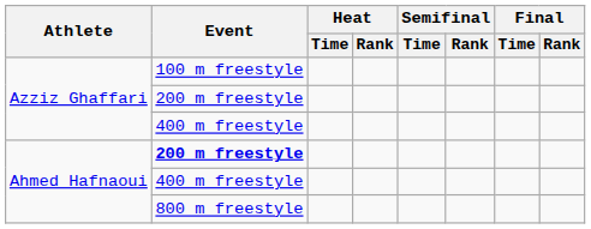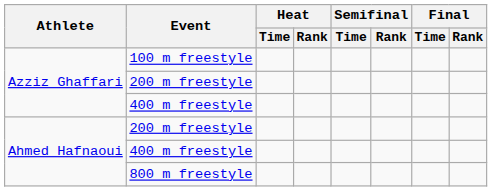 <table class=wikitable style="font-size:90%">
 <tr>
 <th rowspan=2>Athlete</th>
 <th rowspan=2>Event</th>
 <th colspan="2">Heat</th>
 <th colspan="2">Semifinal</th>
 <th colspan="2">Final</th>
 </tr>
 <tr style="font-size:95%">
 <th>Time</th>
 <th>Rank</th>
 <th>Time</th>
 <th>Rank</th>
 <th>Time</th>
 <th>Rank</th>
 </tr>
 <tr align=center>
 <td align=left rowspan=3><a href='#'>Azziz Ghaffari</a></td>
 <td align=left><a href='#'>100 m freestyle</a></td>
 <td></td>
 <td></td>
 <td></td>
 <td></td>
 <td></td>
 <td></td>
 </tr>
 <tr align=center>
 <td align=left><a href='#'>200 m freestyle</a></td>
 <td></td>
 <td></td>
 <td></td>
 <td></td>
 <td></td>
 <td></td>
 </tr>
 <tr align=center>
 <td align=left><a href='#'>400 m freestyle</a></td>
 <td></td>
 <td></td>
 <td></td>
 <td></td>
 <td></td>
 <td></td>
 </tr>
 <tr align=center>
 <td align=left rowspan=3><a href='#'>Ahmed Hafnaoui</a></td>
-<td align=left><strong><a href='#'>200 m freestyle</a></strong></td>
+<td align=left><a href='#'>200 m freestyle</a></td>
 <td></td>
 <td></td>
 <td></td>
 <td></td>
 <td></td>
 <td></td>
 </tr>
 <tr align=center>
 <td align=left><a href='#'>400 m freestyle</a></td>
 <td></td>
 <td></td>
 <td></td>
 <td></td>
 <td></td>
 <td></td>
 </tr>
 <tr align=center>
 <td align=left><a href='#'>800 m freestyle</a></td>
 <td></td>
 <td></td>
 <td></td>
 <td></td>
 <td></td>
 <td></td>
 </tr>
 </table>
